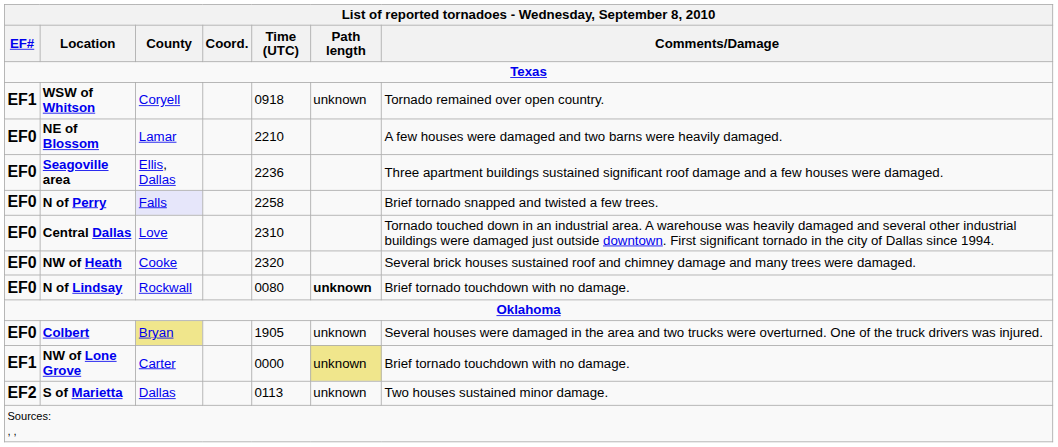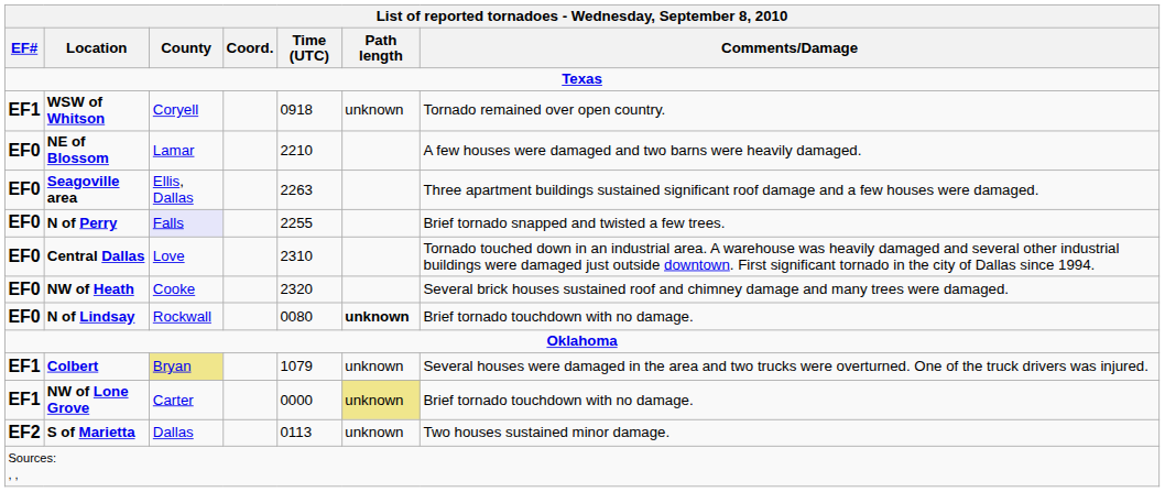 <table class="wikitable collapsible" width="100%">
 <tr>
 <th colspan="7">List of reported tornadoes - Wednesday, September 8, 2010</th>
 </tr>
 <tr>
 <th><a href='#'>EF#</a></th>
 <th>Location</th>
 <th>County</th>
 <th>Coord.</th>
 <th>Time (UTC)</th>
 <th>Path length</th>
 <th>Comments/Damage</th>
 </tr>
 <tr>
 <td colspan="7" align=center><strong><a href='#'>Texas</a></strong></td>
 </tr>
 <tr>
 <td><big><strong>EF1</strong></big></td>
 <td><strong>WSW of <a href='#'>Whitson</a></strong></td>
 <td><a href='#'>Coryell</a></td>
 <td></td>
 <td>0918</td>
 <td>unknown</td>
 <td>Tornado remained over open country.</td>
 </tr>
 <tr>
 <td><big><strong>EF0</strong></big></td>
 <td><strong>NE of <a href='#'>Blossom</a></strong></td>
 <td><a href='#'>Lamar</a></td>
 <td></td>
 <td>2210</td>
 <td></td>
 <td>A few houses were damaged and two barns were heavily damaged.</td>
 </tr>
 <tr>
 <td><big><strong>EF0</strong></big></td>
 <td><strong><a href='#'>Seagoville</a> area</strong></td>
 <td><a href='#'>Ellis</a>, <a href='#'>Dallas</a></td>
 <td></td>
-<td>2236</td>
+<td>2263</td>
 <td></td>
 <td>Three apartment buildings sustained significant roof damage and a few houses were damaged.</td>
 </tr>
 <tr>
 <td><big><strong>EF0</strong></big></td>
 <td><strong>N of <a href='#'>Perry</a></strong></td>
 <td style="background: lavender;"><a href='#'>Falls</a></td>
 <td></td>
-<td>2258</td>
+<td>2255</td>
 <td></td>
 <td>Brief tornado snapped and twisted a few trees.</td>
 </tr>
 <tr>
 <td><big><strong>EF0</strong></big></td>
 <td><strong>Central <a href='#'>Dallas</a></strong></td>
 <td><a href='#'>Love</a></td>
 <td></td>
 <td>2310</td>
 <td></td>
 <td>Tornado touched down in an industrial area. A warehouse was heavily damaged and several other industrial buildings were damaged just outside <a href='#'>downtown</a>. First significant tornado in the city of Dallas since 1994.</td>
 </tr>
 <tr>
 <td><big><strong>EF0</strong></big></td>
 <td><strong>NW of <a href='#'>Heath</a></strong></td>
 <td><a href='#'>Cooke</a></td>
 <td></td>
 <td>2320</td>
 <td></td>
 <td>Several brick houses sustained roof and chimney damage and many trees were damaged.</td>
 </tr>
 <tr>
 <td><big><strong>EF0</strong></big></td>
 <td><strong>N of <a href='#'>Lindsay</a></strong></td>
 <td><a href='#'>Rockwall</a></td>
 <td></td>
 <td>0080</td>
 <td><strong>unknown</strong></td>
 <td>Brief tornado touchdown with no damage.</td>
 </tr>
 <tr>
 <td colspan="7" align=center><strong><a href='#'>Oklahoma</a></strong></td>
 </tr>
 <tr>
-<td><big><strong>EF0</strong></big></td>
+<td><big><strong>EF1</strong></big></td>
 <td><strong><a href='#'>Colbert</a></strong></td>
 <td style="background: khaki;"><a href='#'>Bryan</a></td>
 <td></td>
-<td>1905</td>
+<td>1079</td>
 <td>unknown</td>
 <td>Several houses were damaged in the area and two trucks were overturned. One of the truck drivers was injured.</td>
 </tr>
 <tr>
 <td><big><strong>EF1</strong></big></td>
 <td><strong>NW of <a href='#'>Lone Grove</a></strong></td>
 <td><a href='#'>Carter</a></td>
 <td></td>
 <td>0000</td>
 <td style="background: khaki;">unknown</td>
 <td>Brief tornado touchdown with no damage.</td>
 </tr>
 <tr>
 <td><big><strong>EF2</strong></big></td>
 <td><strong>S of <a href='#'>Marietta</a></strong></td>
 <td><a href='#'>Dallas</a></td>
 <td></td>
 <td>0113</td>
 <td>unknown</td>
 <td>Two houses sustained minor damage.</td>
 </tr>
 <tr>
 <td colspan="7"><small>Sources:<br>, , </small></td>
 </tr>
 </table>
